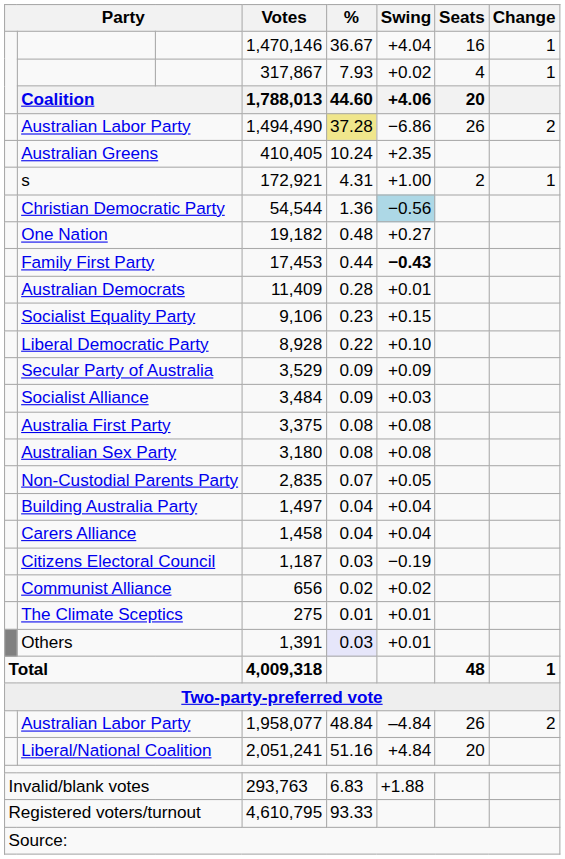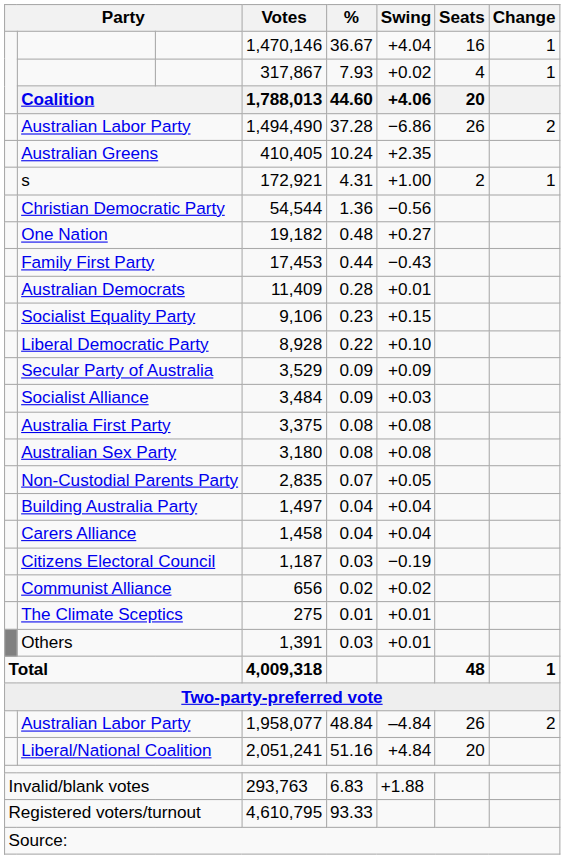 <table class="wikitable">
 <tr>
 <th style="width:200px" colspan=3><strong>Party</strong></th>
 <th style="width:70px; text-align:center;"><strong>Votes</strong></th>
 <th style="width:40px; text-align:center;"><strong>%</strong></th>
 <th style="width:40px; text-align:center;"><strong>Swing</strong></th>
 <th style="width:40px; text-align:center;"><strong>Seats</strong></th>
 <th style="width:40px; text-align:center;"><strong>Change</strong></th>
 </tr>
 <tr>
 <td rowspan="3"> </td>
 <td> </td>
 <td></td>
 <td align="right">1,470,146</td>
 <td align="right">36.67</td>
 <td align="right">+4.04</td>
 <td align="right">16</td>
 <td align="right"> 1</td>
 </tr>
 <tr>
 <td> </td>
 <td></td>
 <td align="right">317,867</td>
 <td align="right">7.93</td>
 <td align="right">+0.02</td>
 <td align="right">4</td>
 <td align="right"> 1</td>
 </tr>
 <tr>
 <th colspan="2" style="text-align:left;"><a href='#'>Coalition</a></th>
 <th style="text-align:right;">1,788,013</th>
 <th style="text-align:right;">44.60</th>
 <th style="text-align:right;">+4.06</th>
 <th style="text-align:right;">20</th>
 <th style="text-align:right;"></th>
 </tr>
 <tr>
 <td> </td>
 <td colspan="2"><a href='#'>Australian Labor Party</a></td>
 <td align="right">1,494,490</td>
-<td align="right" style="background: khaki;">37.28</td>
+<td align="right">37.28</td>
 <td align="right">−6.86</td>
 <td align="right">26</td>
 <td align="right"> 2</td>
 </tr>
 <tr>
 <td> </td>
 <td colspan=2><a href='#'>Australian Greens</a></td>
 <td align=right>410,405</td>
 <td align=right>10.24</td>
 <td align=right>+2.35</td>
 <td align=right></td>
 <td align=right></td>
 </tr>
 <tr>
 <td> </td>
 <td colspan="2">s</td>
 <td align="right">172,921</td>
 <td align="right">4.31</td>
 <td align="right">+1.00</td>
 <td align="right">2</td>
 <td align="right"> 1</td>
 </tr>
 <tr>
 <td> </td>
 <td colspan="2"><a href='#'>Christian Democratic Party</a></td>
 <td align="right">54,544</td>
 <td align="right">1.36</td>
-<td align="right" style="background: lightblue;">−0.56</td>
+<td align="right">−0.56</td>
 <td align="right"></td>
 <td align="right"></td>
 </tr>
 <tr>
 <td> </td>
 <td colspan="2"><a href='#'>One Nation</a></td>
 <td align="right">19,182</td>
 <td align="right">0.48</td>
 <td align="right">+0.27</td>
 <td align="right"></td>
 <td align="right"></td>
 </tr>
 <tr>
 <td> </td>
 <td colspan="2"><a href='#'>Family First Party</a></td>
 <td align="right">17,453</td>
 <td align="right">0.44</td>
-<td align="right"><strong>−0.43</strong></td>
+<td align="right">−0.43</td>
 <td align="right"></td>
 <td align="right"></td>
 </tr>
 <tr>
 <td> </td>
 <td colspan="2"><a href='#'>Australian Democrats</a></td>
 <td align="right">11,409</td>
 <td align="right">0.28</td>
 <td align="right">+0.01</td>
 <td align="right"></td>
 <td align="right"></td>
 </tr>
 <tr>
 <td> </td>
 <td colspan="2"><a href='#'>Socialist Equality Party</a></td>
 <td align="right">9,106</td>
 <td align="right">0.23</td>
 <td align="right">+0.15</td>
 <td align="right"></td>
 <td align="right"></td>
 </tr>
 <tr>
 <td> </td>
 <td colspan="2"><a href='#'>Liberal Democratic Party</a></td>
 <td align="right">8,928</td>
 <td align="right">0.22</td>
 <td align="right">+0.10</td>
 <td align="right"></td>
 <td align="right"></td>
 </tr>
 <tr>
 <td> </td>
 <td colspan="2"><a href='#'>Secular Party of Australia</a></td>
 <td align="right">3,529</td>
 <td align="right">0.09</td>
 <td align="right">+0.09</td>
 <td align="right"></td>
 <td align="right"></td>
 </tr>
 <tr>
 <td> </td>
 <td colspan="2"><a href='#'>Socialist Alliance</a></td>
 <td align="right">3,484</td>
 <td align="right">0.09</td>
 <td align="right">+0.03</td>
 <td align="right"></td>
 <td align="right"></td>
 </tr>
 <tr>
 <td> </td>
 <td colspan="2"><a href='#'>Australia First Party</a></td>
 <td align="right">3,375</td>
 <td align="right">0.08</td>
 <td align="right">+0.08</td>
 <td align="right"></td>
 <td align="right"></td>
 </tr>
 <tr>
 <td> </td>
 <td colspan="2"><a href='#'>Australian Sex Party</a></td>
 <td align="right">3,180</td>
 <td align="right">0.08</td>
 <td align="right">+0.08</td>
 <td align="right"></td>
 <td align="right"></td>
 </tr>
 <tr>
 <td> </td>
 <td colspan="2"><a href='#'>Non-Custodial Parents Party</a></td>
 <td align="right">2,835</td>
 <td align="right">0.07</td>
 <td align="right">+0.05</td>
 <td align="right"></td>
 <td align="right"></td>
 </tr>
 <tr>
 <td> </td>
 <td colspan="2"><a href='#'>Building Australia Party</a></td>
 <td align="right">1,497</td>
 <td align="right">0.04</td>
 <td align="right">+0.04</td>
 <td align="right"></td>
 <td align="right"></td>
 </tr>
 <tr>
 <td> </td>
 <td colspan="2"><a href='#'>Carers Alliance</a></td>
 <td align="right">1,458</td>
 <td align="right">0.04</td>
 <td align="right">+0.04</td>
 <td align="right"></td>
 <td align="right"></td>
 </tr>
 <tr>
 <td> </td>
 <td colspan="2"><a href='#'>Citizens Electoral Council</a></td>
 <td align="right">1,187</td>
 <td align="right">0.03</td>
 <td align="right">−0.19</td>
 <td align="right"></td>
 <td align="right"></td>
 </tr>
 <tr>
 <td> </td>
 <td colspan="2"><a href='#'>Communist Alliance</a></td>
 <td align="right">656</td>
 <td align="right">0.02</td>
 <td align="right">+0.02</td>
 <td align="right"></td>
 <td align="right"></td>
 </tr>
 <tr>
 <td> </td>
 <td colspan="2"><a href='#'>The Climate Sceptics</a></td>
 <td align="right">275</td>
 <td align="right">0.01</td>
 <td align="right">+0.01</td>
 <td align="right"></td>
 <td align="right"></td>
 </tr>
 <tr>
 <td style="background:gray;"> </td>
 <td colspan=2>Others</td>
 <td align=right>1,391</td>
-<td align=right style="background: lavender;">0.03</td>
+<td align=right>0.03</td>
 <td align=right>+0.01</td>
 <td align=right></td>
 <td align=right></td>
 </tr>
 <tr>
 <td colspan="3"><strong>Total</strong></td>
 <td align="right"><strong>4,009,318</strong></td>
 <td align="right"><strong> </strong></td>
 <td align="right"><strong> </strong></td>
 <td align=right><strong>48</strong></td>
 <td align=right><strong> 1</strong></td>
 </tr>
 <tr>
 <td colspan="8" style="text-align:center; background:#eee;"><strong><a href='#'>Two-party-preferred vote</a></strong></td>
 </tr>
 <tr>
 <td> </td>
 <td colspan=2><a href='#'>Australian Labor Party</a></td>
 <td align=right>1,958,077</td>
 <td align=right>48.84</td>
 <td align=right>–4.84</td>
 <td align=right>26</td>
 <td align=right> 2</td>
 </tr>
 <tr>
 <td> </td>
 <td colspan=2><a href='#'>Liberal/National Coalition</a></td>
 <td align=right>2,051,241</td>
 <td align=right>51.16</td>
 <td align=right>+4.84</td>
 <td align=right>20</td>
 <td align=right></td>
 </tr>
 <tr>
 <td colspan="8"></td>
 </tr>
 <tr>
 <td colspan="3">Invalid/blank votes</td>
 <td>293,763</td>
 <td>6.83</td>
 <td>+1.88</td>
 <td></td>
 <td></td>
 </tr>
 <tr>
 <td colspan="3">Registered voters/turnout</td>
 <td>4,610,795</td>
 <td>93.33</td>
 <td></td>
 <td></td>
 <td></td>
 </tr>
 <tr>
 <td colspan="8">Source: </td>
 </tr>
 </table>
